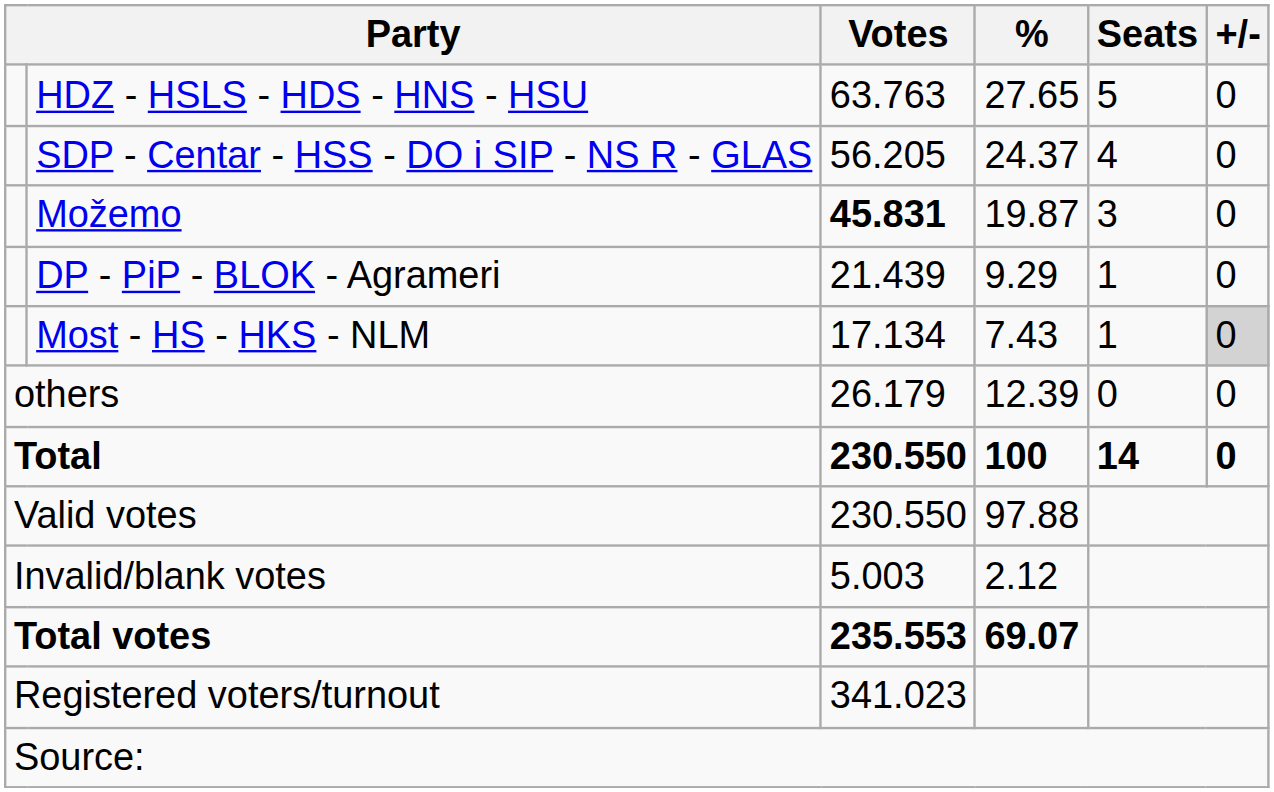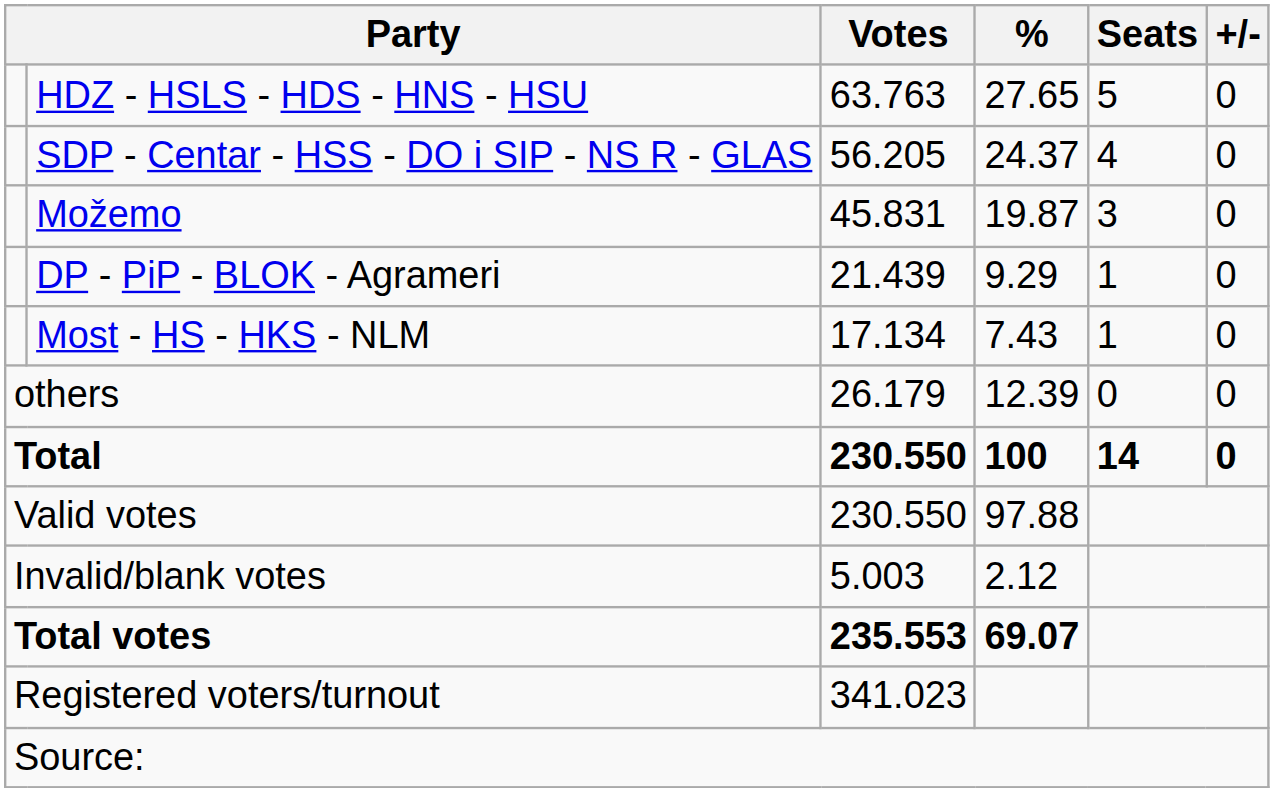 <table class="wikitable" style="text-align: left;">
 <tr>
 <th colspan="2">Party</th>
 <th>Votes</th>
 <th>%</th>
 <th>Seats</th>
 <th>+/-</th>
 </tr>
 <tr>
 <td width="2" style="background-color: "></td>
 <td><a href='#'>HDZ</a> - <a href='#'>HSLS</a> - <a href='#'>HDS</a> - <a href='#'>HNS</a> - <a href='#'>HSU</a></td>
 <td>63.763</td>
 <td>27.65</td>
 <td>5</td>
 <td>0</td>
 </tr>
 <tr>
 <td style="background-color: "></td>
 <td><a href='#'>SDP</a> - <a href='#'>Centar</a> - <a href='#'>HSS</a> - <a href='#'>DO i SIP</a> - <a href='#'>NS R</a> - <a href='#'>GLAS</a></td>
 <td>56.205</td>
 <td>24.37</td>
 <td>4</td>
 <td>0</td>
 </tr>
 <tr>
 <td style="background-color: "></td>
 <td><a href='#'>Možemo</a></td>
-<td><strong>45.831</strong></td>
+<td>45.831</td>
 <td>19.87</td>
 <td>3</td>
 <td>0</td>
 </tr>
 <tr>
 <td style="background-color: "></td>
 <td><a href='#'>DP</a> - <a href='#'>PiP</a> - <a href='#'>BLOK</a> - Agrameri</td>
 <td>21.439</td>
 <td>9.29</td>
 <td>1</td>
 <td>0</td>
 </tr>
 <tr>
 <td style="background-color: "></td>
 <td><a href='#'>Most</a> - <a href='#'>HS</a> - <a href='#'>HKS</a> - NLM</td>
 <td>17.134</td>
 <td>7.43</td>
 <td>1</td>
-<td style="background: lightgrey;">0</td>
+<td>0</td>
 </tr>
 <tr>
 <td colspan="2">others</td>
 <td>26.179</td>
 <td>12.39</td>
 <td>0</td>
 <td>0</td>
 </tr>
 <tr>
 <td colspan="2"><strong>Total</strong></td>
 <td><strong>230.550</strong></td>
 <td><strong>100</strong></td>
 <td><strong>14</strong></td>
 <td><strong>0</strong></td>
 </tr>
 <tr>
 <td colspan="2">Valid votes</td>
 <td>230.550</td>
 <td>97.88</td>
 <td colspan="2"></td>
 </tr>
 <tr>
 <td colspan="2">Invalid/blank votes</td>
 <td>5.003</td>
 <td>2.12</td>
 <td colspan="2"></td>
 </tr>
 <tr>
 <td colspan="2"><strong>Total votes</strong></td>
 <td><strong>235.553</strong></td>
 <td><strong>69.07</strong></td>
 <td colspan="2"></td>
 </tr>
 <tr>
 <td colspan="2">Registered voters/turnout</td>
 <td votes14="5343">341.023</td>
 <td></td>
 <td colspan="2"></td>
 </tr>
 <tr>
 <td colspan="6">Source: </td>
 </tr>
 </table>
